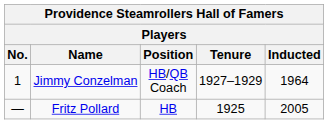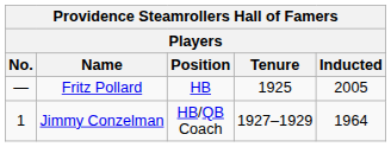 <table class="wikitable" style="text-align:center">
 <tr>
 <th colspan="5">Providence Steamrollers Hall of Famers</th>
 </tr>
 <tr>
 <th colspan="5">Players</th>
 </tr>
 <tr>
 <th>No.</th>
 <th>Name</th>
 <th>Position</th>
 <th>Tenure</th>
 <th>Inducted</th>
 </tr>
 <tr>
+<td>—</td>
+<td><a href='#'>Fritz Pollard</a></td>
+<td><a href='#'>HB</a></td>
+<td>1925</td>
+<td>2005</td>
+</tr>
+<tr>
 <td>1</td>
 <td><a href='#'>Jimmy Conzelman</a></td>
 <td><a href='#'>HB</a>/<a href='#'>QB</a><br>Coach</td>
 <td>1927–1929</td>
 <td>1964</td>
 </tr>
-<tr>
-<td>—</td>
-<td><a href='#'>Fritz Pollard</a></td>
-<td><a href='#'>HB</a></td>
-<td>1925</td>
-<td>2005</td>
-</tr>
 </table>
